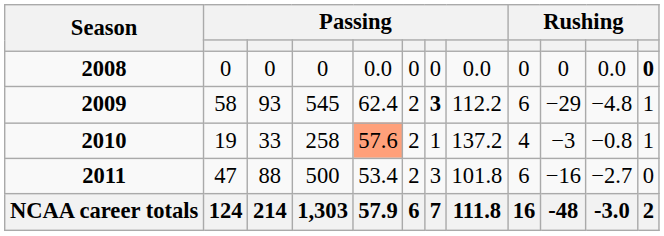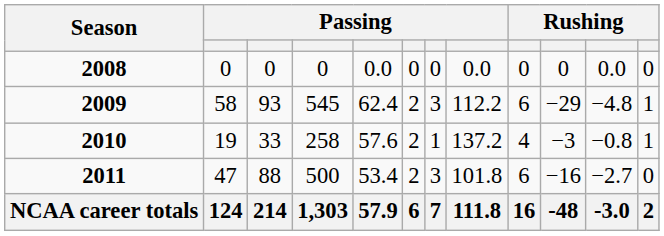 <table class="wikitable sortable" style="text-align:center;">
 <tr>
 <th rowspan=2>Season</th>
 <th colspan=7>Passing</th>
 <th colspan=4>Rushing</th>
 </tr>
 <tr>
 <th></th>
 <th></th>
 <th></th>
 <th></th>
 <th></th>
 <th></th>
 <th></th>
 <th></th>
 <th></th>
 <th></th>
 <th></th>
 </tr>
 <tr>
 <td><strong>2008</strong></td>
 <td>0</td>
 <td>0</td>
 <td>0</td>
 <td>0.0</td>
 <td>0</td>
 <td>0</td>
 <td>0.0</td>
 <td>0</td>
 <td>0</td>
 <td>0.0</td>
-<td><strong>0</strong></td>
+<td>0</td>
 </tr>
 <tr>
 <td><strong>2009</strong></td>
 <td>58</td>
 <td>93</td>
 <td>545</td>
 <td>62.4</td>
 <td>2</td>
-<td><strong>3</strong></td>
+<td>3</td>
 <td>112.2</td>
 <td>6</td>
 <td>−29</td>
 <td>−4.8</td>
 <td>1</td>
 </tr>
 <tr>
 <td><strong>2010</strong></td>
 <td>19</td>
 <td>33</td>
 <td>258</td>
-<td style="background: lightsalmon;">57.6</td>
+<td>57.6</td>
 <td>2</td>
 <td>1</td>
 <td>137.2</td>
 <td>4</td>
 <td>−3</td>
 <td>−0.8</td>
 <td>1</td>
 </tr>
 <tr>
 <td><strong>2011</strong></td>
 <td>47</td>
 <td>88</td>
 <td>500</td>
 <td>53.4</td>
 <td>2</td>
 <td>3</td>
 <td>101.8</td>
 <td>6</td>
 <td>−16</td>
 <td>−2.7</td>
 <td>0</td>
 </tr>
 <tr class="sortbottom" style="background:#eee;">
 <th>NCAA career totals</th>
 <th>124</th>
 <th>214</th>
 <th>1,303</th>
 <th>57.9</th>
 <th>6</th>
 <th>7</th>
 <th>111.8</th>
 <th>16</th>
 <th>-48</th>
 <th>-3.0</th>
 <th>2</th>
 </tr>
 </table>
